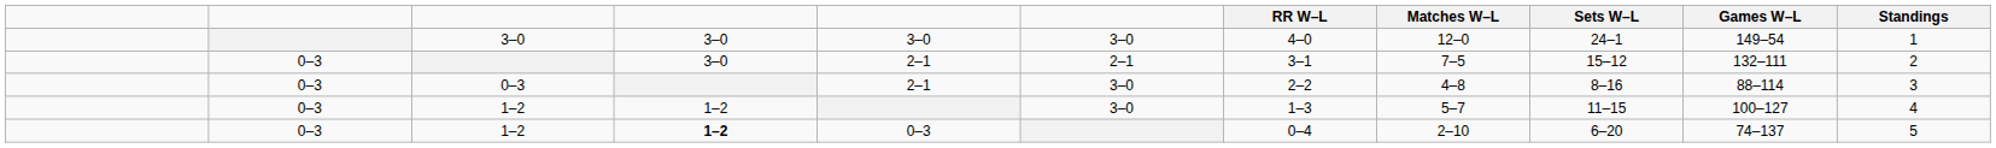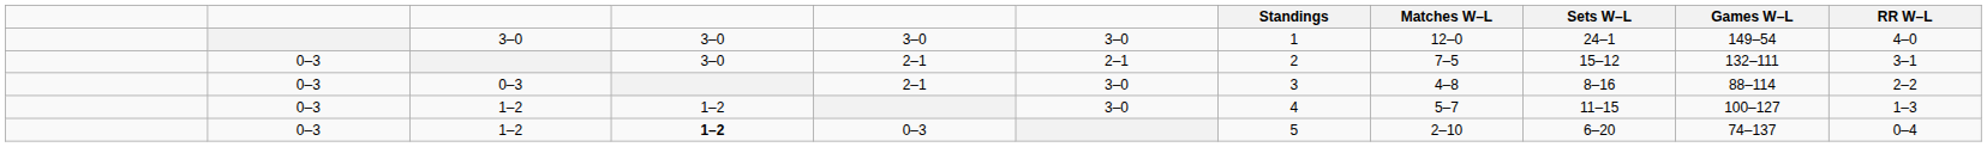 <table class="wikitable" style="width: 100%; text-align:center; font-size:90%">
 <tr>
 <td width=108></td>
 <td width=108></td>
 <td width=108></td>
 <td width=108></td>
 <td width=108></td>
 <td width=108></td>
-<th width=80>RR W–L</th>
+<th width=80>Standings</th>
 <th width=80>Matches W–L</th>
 <th width=80>Sets W–L</th>
 <th width=80>Games W–L</th>
-<th width=80>Standings</th>
+<th width=80>RR W–L</th>
 </tr>
 <tr>
 <td style="text-align:left;"></td>
 <th bgcolor="ededed"></th>
 <td>3–0</td>
 <td>3–0</td>
 <td>3–0</td>
 <td>3–0</td>
-<td>4–0</td>
+<td>1</td>
 <td>12–0</td>
 <td>24–1</td>
 <td>149–54</td>
-<td>1</td>
+<td>4–0</td>
 </tr>
 <tr>
 <td style="text-align:left;"></td>
 <td>0–3</td>
 <th bgcolor="ededed"></th>
 <td>3–0</td>
 <td>2–1</td>
 <td>2–1</td>
-<td>3–1</td>
+<td>2</td>
 <td>7–5</td>
 <td>15–12</td>
 <td>132–111</td>
-<td>2</td>
+<td>3–1</td>
 </tr>
 <tr>
 <td style="text-align:left;"></td>
 <td>0–3</td>
 <td>0–3</td>
 <th bgcolor="ededed"></th>
 <td>2–1</td>
 <td>3–0</td>
-<td>2–2</td>
+<td>3</td>
 <td>4–8</td>
 <td>8–16</td>
 <td>88–114</td>
-<td>3</td>
+<td>2–2</td>
 </tr>
 <tr>
 <td style="text-align:left;"></td>
 <td>0–3</td>
 <td>1–2</td>
 <td>1–2</td>
 <th bgcolor="ededed"></th>
 <td>3–0</td>
-<td>1–3</td>
+<td>4</td>
 <td>5–7</td>
 <td>11–15</td>
 <td>100–127</td>
-<td>4</td>
+<td>1–3</td>
 </tr>
 <tr>
 <td style="text-align:left;"></td>
 <td>0–3</td>
 <td>1–2</td>
 <td><strong>1–2</strong></td>
 <td>0–3</td>
 <th bgcolor="ededed"></th>
-<td>0–4</td>
+<td>5</td>
 <td>2–10</td>
 <td>6–20</td>
 <td>74–137</td>
-<td>5</td>
+<td>0–4</td>
 </tr>
 </table>
